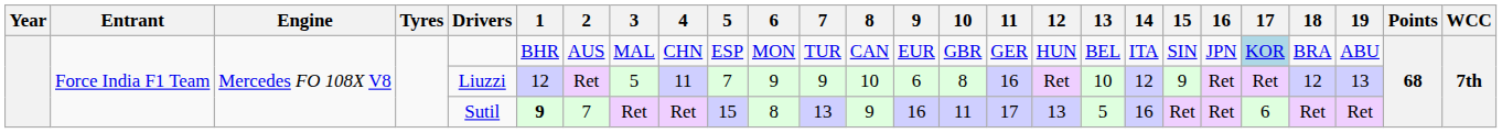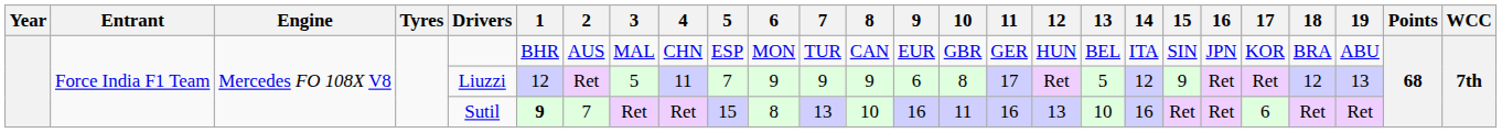 <table class="wikitable" style="text-align:center; font-size:95%">
 <tr>
 <th>Year</th>
 <th>Entrant</th>
 <th>Engine</th>
 <th>Tyres</th>
 <th>Drivers</th>
 <th>1</th>
 <th>2</th>
 <th>3</th>
 <th>4</th>
 <th>5</th>
 <th>6</th>
 <th>7</th>
 <th>8</th>
 <th>9</th>
 <th>10</th>
 <th>11</th>
 <th>12</th>
 <th>13</th>
 <th>14</th>
 <th>15</th>
 <th>16</th>
 <th>17</th>
 <th>18</th>
 <th>19</th>
 <th>Points</th>
 <th>WCC</th>
 </tr>
 <tr>
 <th rowspan=3></th>
 <td rowspan=3><a href='#'>Force India F1 Team</a></td>
 <td rowspan=3><a href='#'>Mercedes</a> <em>FO 108X</em> <a href='#'>V8</a></td>
 <td rowspan=3></td>
 <td></td>
 <td><a href='#'>BHR</a></td>
 <td><a href='#'>AUS</a></td>
 <td><a href='#'>MAL</a></td>
 <td><a href='#'>CHN</a></td>
 <td><a href='#'>ESP</a></td>
 <td><a href='#'>MON</a></td>
 <td><a href='#'>TUR</a></td>
 <td><a href='#'>CAN</a></td>
 <td><a href='#'>EUR</a></td>
 <td><a href='#'>GBR</a></td>
 <td><a href='#'>GER</a></td>
 <td><a href='#'>HUN</a></td>
 <td><a href='#'>BEL</a></td>
 <td><a href='#'>ITA</a></td>
 <td><a href='#'>SIN</a></td>
 <td><a href='#'>JPN</a></td>
-<td style="background: lightblue;"><a href='#'>KOR</a></td>
+<td><a href='#'>KOR</a></td>
 <td><a href='#'>BRA</a></td>
 <td><a href='#'>ABU</a></td>
 <th rowspan=3>68</th>
 <th rowspan=3>7th</th>
 </tr>
 <tr>
 <td><a href='#'>Liuzzi</a></td>
 <td style="background:#CFCFFF;">12</td>
 <td style="background:#EFCFFF;">Ret</td>
 <td style="background:#DFFFDF;">5</td>
 <td style="background:#CFCFFF;">11</td>
 <td style="background:#DFFFDF;">7</td>
 <td style="background:#DFFFDF;">9</td>
 <td style="background:#DFFFDF;">9</td>
-<td style="background:#DFFFDF;">10</td>
+<td style="background:#DFFFDF;">9</td>
 <td style="background:#DFFFDF;">6</td>
 <td style="background:#DFFFDF;">8</td>
-<td style="background:#CFCFFF;">16</td>
+<td style="background:#CFCFFF;">17</td>
 <td style="background:#EFCFFF;">Ret</td>
-<td style="background:#DFFFDF;">10</td>
+<td style="background:#DFFFDF;">5</td>
 <td style="background:#CFCFFF;">12</td>
 <td style="background:#DFFFDF;">9</td>
 <td style="background:#EFCFFF;">Ret</td>
 <td style="background:#EFCFFF;">Ret</td>
 <td style="background:#CFCFFF;">12</td>
 <td style="background:#CFCFFF;">13</td>
 </tr>
 <tr>
 <td><a href='#'>Sutil</a></td>
 <td style="background:#DFFFDF;"><strong>9</strong></td>
 <td style="background:#DFFFDF;">7</td>
 <td style="background:#EFCFFF;">Ret</td>
 <td style="background:#EFCFFF;">Ret</td>
 <td style="background:#CFCFFF;">15</td>
 <td style="background:#DFFFDF;">8</td>
 <td style="background:#CFCFFF;">13</td>
-<td style="background:#DFFFDF;">9</td>
+<td style="background:#DFFFDF;">10</td>
 <td style="background:#CFCFFF;">16</td>
 <td style="background:#CFCFFF;">11</td>
-<td style="background:#CFCFFF;">17</td>
+<td style="background:#CFCFFF;">16</td>
 <td style="background:#CFCFFF;">13</td>
-<td style="background:#DFFFDF;">5</td>
+<td style="background:#DFFFDF;">10</td>
 <td style="background:#CFCFFF;">16</td>
 <td style="background:#EFCFFF;">Ret</td>
 <td style="background:#EFCFFF;">Ret</td>
 <td style="background:#DFFFDF;">6</td>
 <td style="background:#EFCFFF;">Ret</td>
 <td style="background:#EFCFFF;">Ret</td>
 </tr>
 </table>
